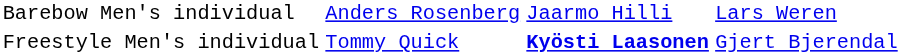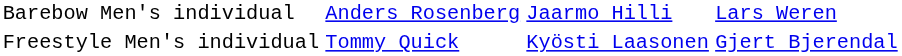 <table>
 <tr>
 <td>Barebow Men's individual<br></td>
 <td> <a href='#'>Anders Rosenberg</a></td>
 <td> <a href='#'>Jaarmo Hilli</a></td>
 <td> <a href='#'>Lars Weren</a></td>
 </tr>
 <tr>
 <td>Freestyle Men's individual<br></td>
 <td> <a href='#'>Tommy Quick</a></td>
-<td><strong> <a href='#'>Kyösti Laasonen</a></strong></td>
+<td> <a href='#'>Kyösti Laasonen</a></td>
 <td> <a href='#'>Gjert Bjerendal</a></td>
 </tr>
 </table>
